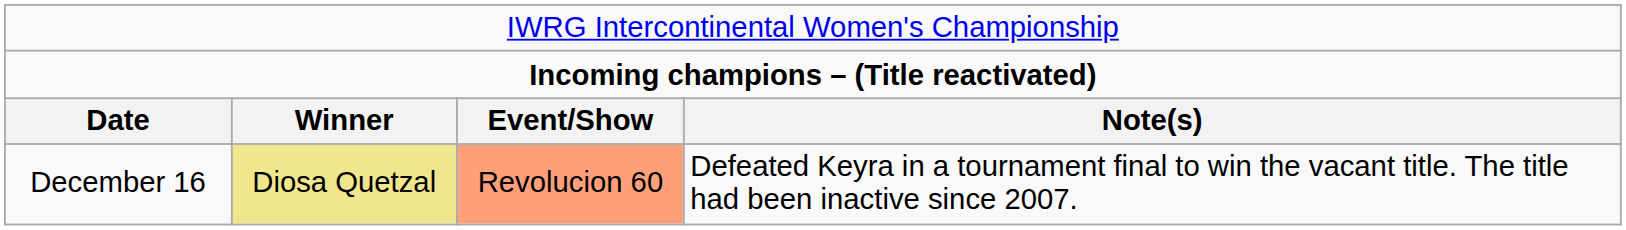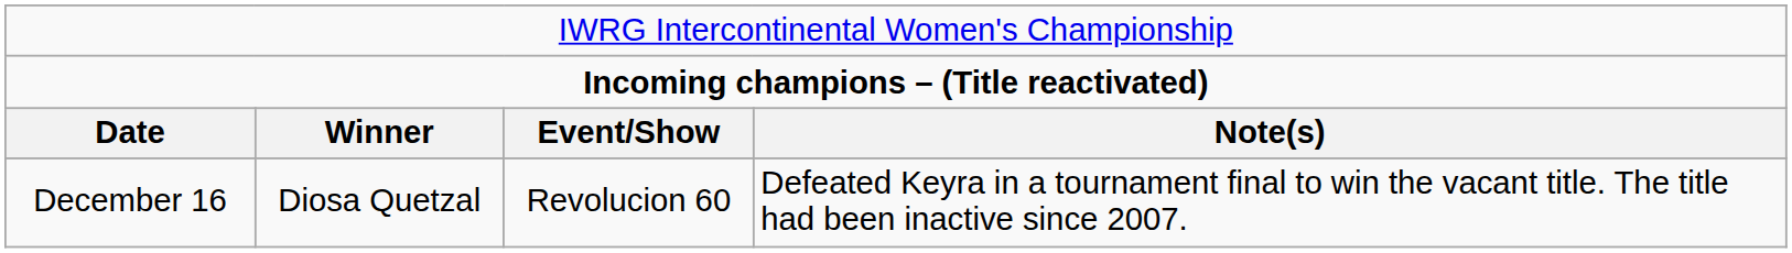 <table class="wikitable" style="text-align:center; width:100%;">
 <tr>
 <td colspan="4" style="text-align: center;"><a href='#'>IWRG Intercontinental Women's Championship</a></td>
 </tr>
 <tr>
 <td colspan="4" style="text-align: center;"><strong>Incoming champions – (Title reactivated)</strong></td>
 </tr>
 <tr>
 <th width=14%>Date</th>
 <th width=14%>Winner</th>
 <th width=14%>Event/Show</th>
 <th width=58%>Note(s)</th>
 </tr>
 <tr>
 <td>December 16</td>
-<td style="background: khaki;">Diosa Quetzal</td>
-<td style="background: lightsalmon;">Revolucion 60</td>
+<td>Diosa Quetzal</td>
+<td>Revolucion 60</td>
 <td align=left>Defeated Keyra in a tournament final to win the vacant title. The title had been inactive since 2007.</td>
 </tr>
 </table>
